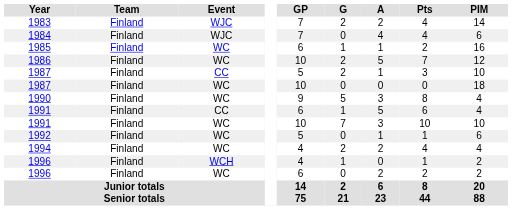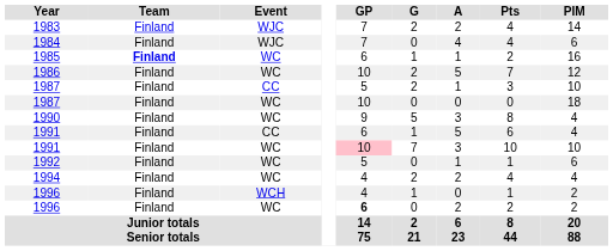 <table border="0" cellpadding="1" cellspacing="0" style="text-align:center; width:50em">
 <tr ALIGN="center" bgcolor="#e0e0e0">
 <th>Year</th>
 <th>Team</th>
 <th>Event</th>
 <th rowspan="99" bgcolor="#ffffff"> </th>
 <th>GP</th>
 <th>G</th>
 <th>A</th>
 <th>Pts</th>
 <th>PIM</th>
 </tr>
 <tr>
 <td><a href='#'>1983</a></td>
 <td><a href='#'>Finland</a></td>
 <td><a href='#'>WJC</a></td>
 <td>7</td>
 <td>2</td>
 <td>2</td>
 <td>4</td>
 <td>14</td>
 </tr>
 <tr bgcolor="#f0f0f0">
 <td><a href='#'>1984</a></td>
 <td>Finland</td>
 <td>WJC</td>
 <td>7</td>
 <td>0</td>
 <td>4</td>
 <td>4</td>
 <td>6</td>
 </tr>
 <tr>
 <td><a href='#'>1985</a></td>
-<td><a href='#'>Finland</a></td>
+<td><strong><a href='#'>Finland</a></strong></td>
 <td><a href='#'>WC</a></td>
 <td>6</td>
 <td>1</td>
 <td>1</td>
 <td>2</td>
 <td>16</td>
 </tr>
 <tr bgcolor="#f0f0f0">
 <td><a href='#'>1986</a></td>
 <td>Finland</td>
 <td>WC</td>
 <td>10</td>
 <td>2</td>
 <td>5</td>
 <td>7</td>
 <td>12</td>
 </tr>
 <tr>
 <td><a href='#'>1987</a></td>
 <td>Finland</td>
 <td><a href='#'>CC</a></td>
 <td>5</td>
 <td>2</td>
 <td>1</td>
 <td>3</td>
 <td>10</td>
 </tr>
 <tr bgcolor="#f0f0f0">
 <td><a href='#'>1987</a></td>
 <td>Finland</td>
 <td>WC</td>
 <td>10</td>
 <td>0</td>
 <td>0</td>
 <td>0</td>
 <td>18</td>
 </tr>
 <tr>
 <td><a href='#'>1990</a></td>
 <td>Finland</td>
 <td>WC</td>
 <td>9</td>
 <td>5</td>
 <td>3</td>
 <td>8</td>
 <td>4</td>
 </tr>
 <tr bgcolor="#f0f0f0">
 <td><a href='#'>1991</a></td>
 <td>Finland</td>
 <td>CC</td>
 <td>6</td>
 <td>1</td>
 <td>5</td>
 <td>6</td>
 <td>4</td>
 </tr>
 <tr>
 <td><a href='#'>1991</a></td>
 <td>Finland</td>
 <td>WC</td>
-<td>10</td>
+<td style="background: pink;">10</td>
 <td>7</td>
 <td>3</td>
 <td>10</td>
 <td>10</td>
 </tr>
 <tr bgcolor="#f0f0f0">
 <td><a href='#'>1992</a></td>
 <td>Finland</td>
 <td>WC</td>
 <td>5</td>
 <td>0</td>
 <td>1</td>
 <td>1</td>
 <td>6</td>
 </tr>
 <tr>
 <td><a href='#'>1994</a></td>
 <td>Finland</td>
 <td>WC</td>
 <td>4</td>
 <td>2</td>
 <td>2</td>
 <td>4</td>
 <td>4</td>
 </tr>
 <tr bgcolor="#f0f0f0">
 <td><a href='#'>1996</a></td>
 <td>Finland</td>
 <td><a href='#'>WCH</a></td>
 <td>4</td>
 <td>1</td>
 <td>0</td>
 <td>1</td>
 <td>2</td>
 </tr>
 <tr>
 <td><a href='#'>1996</a></td>
 <td>Finland</td>
 <td>WC</td>
-<td>6</td>
+<td><strong>6</strong></td>
 <td>0</td>
 <td>2</td>
 <td>2</td>
 <td>2</td>
 </tr>
 <tr bgcolor="#e0e0e0">
 <th colspan=3>Junior totals</th>
 <th>14</th>
 <th>2</th>
 <th>6</th>
 <th>8</th>
 <th>20</th>
 </tr>
 <tr bgcolor="#e0e0e0">
 <th colspan=3>Senior totals</th>
 <th>75</th>
 <th>21</th>
 <th>23</th>
 <th>44</th>
 <th>88</th>
 </tr>
 </table>
